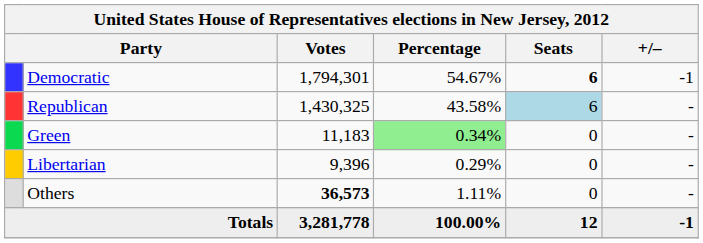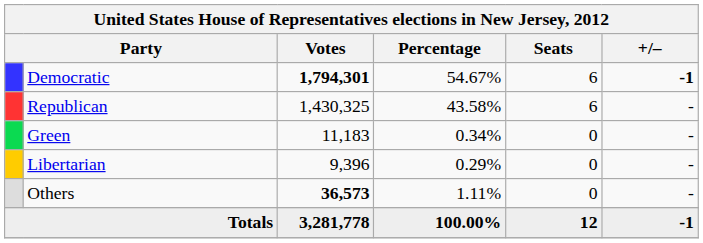 <table class="wikitable" style="font-size: 95%;">
 <tr>
 <th colspan="6">United States House of Representatives elections in New Jersey, 2012</th>
 </tr>
 <tr>
 <th colspan=2 style="width: 15em">Party</th>
 <th style="width: 5em">Votes</th>
 <th style="width: 7em">Percentage</th>
 <th style="width: 5em">Seats</th>
 <th style="width: 5em">+/–</th>
 </tr>
 <tr>
 <th style="background-color:#3333FF; width: 3px"></th>
 <td style="width: 130px"><a href='#'>Democratic</a></td>
-<td align="right">1,794,301</td>
+<td align="right"><strong>1,794,301</strong></td>
 <td align="right">54.67%</td>
-<td align="right"><strong>6</strong></td>
-<td align="right">-1</td>
+<td align="right">6</td>
+<td align="right"><strong>-1</strong></td>
 </tr>
 <tr>
 <th style="background-color:#FF3333; width: 3px"></th>
 <td style="width: 130px"><a href='#'>Republican</a></td>
 <td align="right">1,430,325</td>
 <td align="right">43.58%</td>
-<td align="right" style="background: lightblue;">6</td>
+<td align="right">6</td>
 <td align="right">-</td>
 </tr>
 <tr>
 <th style="background-color:#0BDA51; width: 3px"></th>
 <td style="width: 130px"><a href='#'>Green</a></td>
 <td align="right">11,183</td>
-<td align="right" style="background: lightgreen;">0.34%</td>
+<td align="right">0.34%</td>
 <td align="right">0</td>
 <td align="right">-</td>
 </tr>
 <tr>
 <th style="background-color:#FFCC00; width: 3px"></th>
 <td style="width: 130px"><a href='#'>Libertarian</a></td>
 <td align="right">9,396</td>
 <td align="right">0.29%</td>
 <td align="right">0</td>
 <td align="right">-</td>
 </tr>
 <tr>
 <th style="background-color:#DDDDDD; width: 3px"></th>
 <td style="width: 130px">Others</td>
 <td align="right"><strong>36,573</strong></td>
 <td align="right">1.11%</td>
 <td align="right">0</td>
 <td align="right">-</td>
 </tr>
 <tr>
 </tr>
 <tr bgcolor="#EEEEEE">
 <td colspan="2" align="right"><strong>Totals</strong></td>
 <td align="right"><strong>3,281,778</strong></td>
 <td align="right"><strong>100.00%</strong></td>
 <td align="right"><strong>12</strong></td>
 <td align="right"><strong>-1</strong></td>
 </tr>
 <tr bgcolor="#EEEEEE">
 </tr>
 </table>
